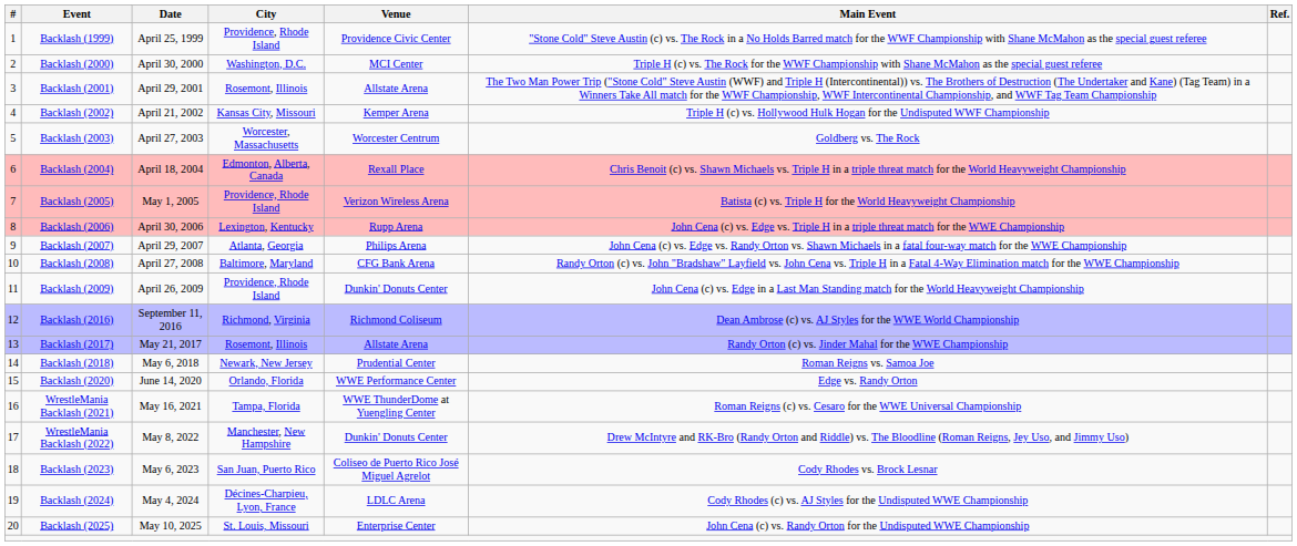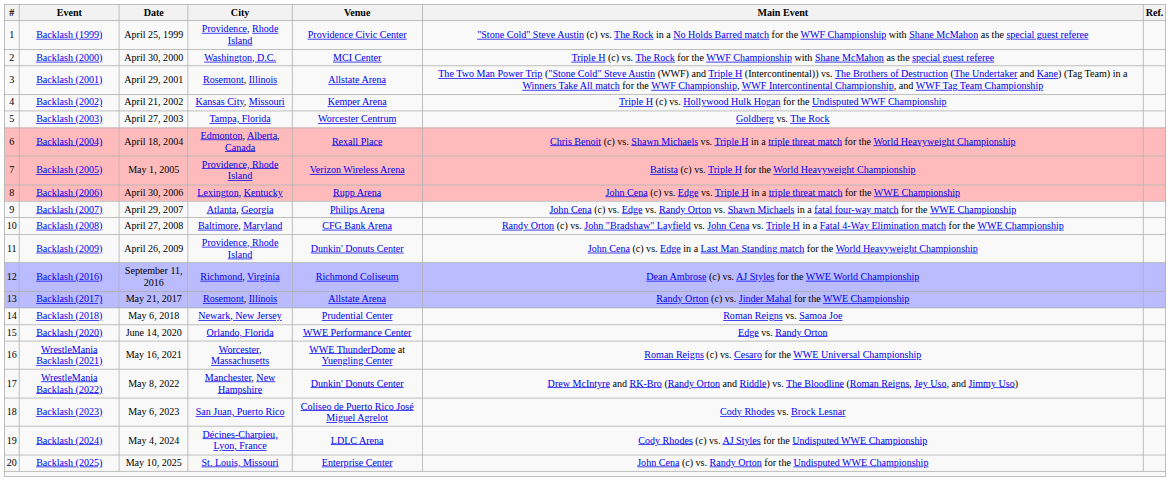 <table class="sortable wikitable succession-box" style="font-size:85%; text-align:center;">
 <tr>
 <th>#</th>
 <th>Event</th>
 <th>Date</th>
 <th>City</th>
 <th>Venue</th>
 <th>Main Event</th>
 <th>Ref.</th>
 </tr>
 <tr>
 <td>1</td>
 <td><a href='#'>Backlash (1999)</a></td>
 <td>April 25, 1999</td>
 <td><a href='#'>Providence</a>, <a href='#'>Rhode Island</a></td>
 <td><a href='#'>Providence Civic Center</a></td>
 <td><a href='#'>"Stone Cold" Steve Austin</a> (c) vs. <a href='#'>The Rock</a> in a <a href='#'>No Holds Barred match</a> for the <a href='#'>WWF Championship</a> with <a href='#'>Shane McMahon</a> as the <a href='#'>special guest referee</a></td>
 <td></td>
 </tr>
 <tr>
 <td>2</td>
 <td><a href='#'>Backlash (2000)</a></td>
 <td>April 30, 2000</td>
 <td><a href='#'>Washington, D.C.</a></td>
 <td><a href='#'>MCI Center</a></td>
 <td><a href='#'>Triple H</a> (c) vs. <a href='#'>The Rock</a> for the <a href='#'>WWF Championship</a> with <a href='#'>Shane McMahon</a> as the <a href='#'>special guest referee</a></td>
 <td></td>
 </tr>
 <tr>
 <td>3</td>
 <td><a href='#'>Backlash (2001)</a></td>
 <td>April 29, 2001</td>
 <td><a href='#'>Rosemont</a>, <a href='#'>Illinois</a></td>
 <td><a href='#'>Allstate Arena</a></td>
 <td><a href='#'>The Two Man Power Trip</a> (<a href='#'>"Stone Cold" Steve Austin</a> (WWF) and <a href='#'>Triple H</a> (Intercontinental)) vs. <a href='#'>The Brothers of Destruction</a> (<a href='#'>The Undertaker</a> and <a href='#'>Kane</a>) (Tag Team) in a <a href='#'>Winners Take All match</a> for the <a href='#'>WWF Championship</a>, <a href='#'>WWF Intercontinental Championship</a>, and <a href='#'>WWF Tag Team Championship</a></td>
 <td></td>
 </tr>
 <tr>
 <td>4</td>
 <td><a href='#'>Backlash (2002)</a></td>
 <td>April 21, 2002</td>
 <td><a href='#'>Kansas City</a>, <a href='#'>Missouri</a></td>
 <td><a href='#'>Kemper Arena</a></td>
 <td><a href='#'>Triple H</a> (c) vs. <a href='#'>Hollywood Hulk Hogan</a> for the <a href='#'>Undisputed WWF Championship</a></td>
 <td></td>
 </tr>
 <tr>
 <td>5</td>
 <td><a href='#'>Backlash (2003)</a></td>
 <td>April 27, 2003</td>
-<td><a href='#'>Worcester</a>, <a href='#'>Massachusetts</a></td>
+<td><a href='#'>Tampa, Florida</a></td>
 <td><a href='#'>Worcester Centrum</a></td>
 <td><a href='#'>Goldberg</a> vs. <a href='#'>The Rock</a></td>
 <td></td>
 </tr>
 <tr style="background: #FBB;">
 <td>6</td>
 <td><a href='#'>Backlash (2004)</a></td>
 <td>April 18, 2004</td>
 <td><a href='#'>Edmonton</a>, <a href='#'>Alberta</a>, <a href='#'>Canada</a></td>
 <td><a href='#'>Rexall Place</a></td>
 <td><a href='#'>Chris Benoit</a> (c) vs. <a href='#'>Shawn Michaels</a> vs. <a href='#'>Triple H</a> in a <a href='#'>triple threat match</a> for the <a href='#'>World Heavyweight Championship</a></td>
 <td></td>
 </tr>
 <tr style="background: #FBB;">
 <td>7</td>
 <td><a href='#'>Backlash (2005)</a></td>
 <td>May 1, 2005</td>
 <td><a href='#'>Providence, Rhode Island</a></td>
 <td><a href='#'>Verizon Wireless Arena</a></td>
 <td><a href='#'>Batista</a> (c) vs. <a href='#'>Triple H</a> for the <a href='#'>World Heavyweight Championship</a></td>
 <td></td>
 </tr>
 <tr style="background: #FBB;">
 <td>8</td>
 <td><a href='#'>Backlash (2006)</a></td>
 <td>April 30, 2006</td>
 <td><a href='#'>Lexington</a>, <a href='#'>Kentucky</a></td>
 <td><a href='#'>Rupp Arena</a></td>
 <td><a href='#'>John Cena</a> (c) vs. <a href='#'>Edge</a> vs. <a href='#'>Triple H</a> in a <a href='#'>triple threat match</a> for the <a href='#'>WWE Championship</a></td>
 <td></td>
 </tr>
 <tr>
 <td>9</td>
 <td><a href='#'>Backlash (2007)</a></td>
 <td>April 29, 2007</td>
 <td><a href='#'>Atlanta</a>, <a href='#'>Georgia</a></td>
 <td><a href='#'>Philips Arena</a></td>
 <td><a href='#'>John Cena</a> (c) vs. <a href='#'>Edge</a> vs. <a href='#'>Randy Orton</a> vs. <a href='#'>Shawn Michaels</a> in a <a href='#'>fatal four-way match</a> for the <a href='#'>WWE Championship</a></td>
 <td></td>
 </tr>
 <tr>
 <td>10</td>
 <td><a href='#'>Backlash (2008)</a></td>
 <td>April 27, 2008</td>
 <td><a href='#'>Baltimore</a>, <a href='#'>Maryland</a></td>
 <td><a href='#'>CFG Bank Arena</a></td>
 <td><a href='#'>Randy Orton</a> (c) vs. <a href='#'>John "Bradshaw" Layfield</a> vs. <a href='#'>John Cena</a> vs. <a href='#'>Triple H</a> in a <a href='#'>Fatal 4-Way Elimination match</a> for the <a href='#'>WWE Championship</a></td>
 <td></td>
 </tr>
 <tr>
 <td>11</td>
 <td><a href='#'>Backlash (2009)</a></td>
 <td>April 26, 2009</td>
 <td><a href='#'>Providence, Rhode Island</a></td>
 <td><a href='#'>Dunkin' Donuts Center</a></td>
 <td><a href='#'>John Cena</a> (c) vs. <a href='#'>Edge</a> in a <a href='#'>Last Man Standing match</a> for the <a href='#'>World Heavyweight Championship</a></td>
 <td></td>
 </tr>
 <tr style="background: #BBF;">
 <td>12</td>
 <td><a href='#'>Backlash (2016)</a></td>
 <td>September 11, 2016</td>
 <td><a href='#'>Richmond</a>, <a href='#'>Virginia</a></td>
 <td><a href='#'>Richmond Coliseum</a></td>
 <td><a href='#'>Dean Ambrose</a> (c) vs. <a href='#'>AJ Styles</a> for the <a href='#'>WWE World Championship</a></td>
 <td></td>
 </tr>
 <tr style="background: #BBF;">
 <td>13</td>
 <td><a href='#'>Backlash (2017)</a></td>
 <td>May 21, 2017</td>
 <td><a href='#'>Rosemont</a>, <a href='#'>Illinois</a></td>
 <td><a href='#'>Allstate Arena</a></td>
 <td><a href='#'>Randy Orton</a> (c) vs. <a href='#'>Jinder Mahal</a> for the <a href='#'>WWE Championship</a></td>
 <td></td>
 </tr>
 <tr>
 <td>14</td>
 <td><a href='#'>Backlash (2018)</a></td>
 <td>May 6, 2018</td>
 <td><a href='#'>Newark, New Jersey</a></td>
 <td><a href='#'>Prudential Center</a></td>
 <td><a href='#'>Roman Reigns</a> vs. <a href='#'>Samoa Joe</a></td>
 <td></td>
 </tr>
 <tr>
 <td>15</td>
 <td><a href='#'>Backlash (2020)</a></td>
 <td>June 14, 2020</td>
 <td><a href='#'>Orlando, Florida</a></td>
 <td><a href='#'>WWE Performance Center</a></td>
 <td><a href='#'>Edge</a> vs. <a href='#'>Randy Orton</a></td>
 <td></td>
 </tr>
 <tr>
 <td>16</td>
 <td><a href='#'>WrestleMania Backlash (2021)</a></td>
 <td>May 16, 2021</td>
-<td><a href='#'>Tampa, Florida</a></td>
+<td><a href='#'>Worcester</a>, <a href='#'>Massachusetts</a></td>
 <td><a href='#'>WWE ThunderDome</a> at <a href='#'>Yuengling Center</a></td>
 <td><a href='#'>Roman Reigns</a> (c) vs. <a href='#'>Cesaro</a> for the <a href='#'>WWE Universal Championship</a></td>
 <td></td>
 </tr>
 <tr>
 <td>17</td>
 <td><a href='#'>WrestleMania Backlash (2022)</a></td>
 <td>May 8, 2022</td>
 <td><a href='#'>Manchester</a>, <a href='#'>New Hampshire</a></td>
 <td><a href='#'>Dunkin' Donuts Center</a></td>
 <td><a href='#'>Drew McIntyre</a> and <a href='#'>RK-Bro</a> (<a href='#'>Randy Orton</a> and <a href='#'>Riddle</a>) vs. <a href='#'>The Bloodline</a> (<a href='#'>Roman Reigns</a>, <a href='#'>Jey Uso</a>, and <a href='#'>Jimmy Uso</a>)</td>
 <td></td>
 </tr>
 <tr>
 <td>18</td>
 <td><a href='#'>Backlash (2023)</a></td>
 <td>May 6, 2023</td>
 <td><a href='#'>San Juan, Puerto Rico</a></td>
 <td><a href='#'>Coliseo de Puerto Rico José Miguel Agrelot</a></td>
 <td><a href='#'>Cody Rhodes</a> vs. <a href='#'>Brock Lesnar</a></td>
 <td></td>
 </tr>
 <tr>
 <td>19</td>
 <td><a href='#'>Backlash (2024)</a></td>
 <td>May 4, 2024</td>
 <td><a href='#'>Décines-Charpieu, Lyon, France</a></td>
 <td><a href='#'>LDLC Arena</a></td>
 <td><a href='#'>Cody Rhodes</a> (c) vs. <a href='#'>AJ Styles</a> for the <a href='#'>Undisputed WWE Championship</a></td>
 <td></td>
 </tr>
 <tr>
 <td>20</td>
 <td><a href='#'>Backlash (2025)</a></td>
 <td>May 10, 2025</td>
 <td><a href='#'>St. Louis, Missouri</a></td>
 <td><a href='#'>Enterprise Center</a></td>
 <td><a href='#'>John Cena</a> (c) vs. <a href='#'>Randy Orton</a> for the <a href='#'>Undisputed WWE Championship</a></td>
 <td></td>
 </tr>
 <tr>
 <td colspan="7"></td>
 </tr>
 </table>
